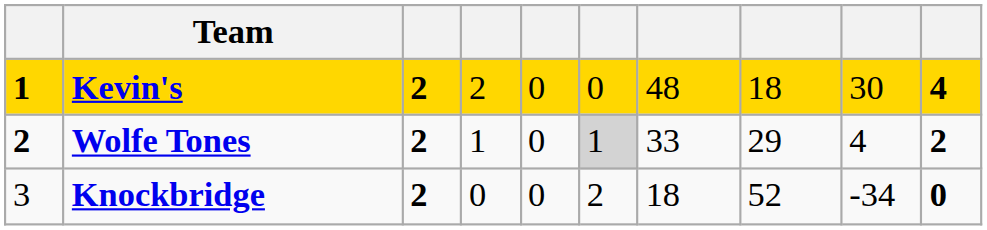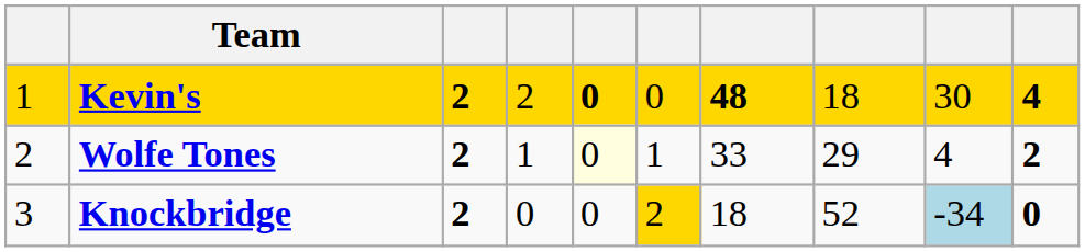 <table class="wikitable" style="text-align: centre;">
 <tr>
 <th width=20></th>
 <th width=150>Team</th>
 <th width=20></th>
 <th width=20></th>
 <th width=20></th>
 <th width=20></th>
 <th width=40></th>
 <th width=40></th>
 <th width=30></th>
 <th width=20></th>
 </tr>
 <tr style="background:gold;">
-<td><strong>1</strong></td>
+<td>1</td>
 <td align=left><strong><a href='#'>Kevin's</a></strong></td>
 <td><strong>2</strong></td>
 <td>2</td>
+<td><strong>0</strong></td>
 <td>0</td>
-<td>0</td>
-<td>48</td>
+<td><strong>48</strong></td>
 <td>18</td>
 <td>30</td>
 <td><strong>4</strong></td>
 </tr>
 <tr>
-<td><strong>2</strong></td>
+<td>2</td>
 <td align=left><strong><a href='#'>Wolfe Tones</a></strong></td>
 <td><strong>2</strong></td>
 <td>1</td>
-<td>0</td>
-<td style="background: lightgrey;">1</td>
+<td style="background: lightyellow;">0</td>
+<td>1</td>
 <td>33</td>
 <td>29</td>
 <td>4</td>
 <td><strong>2</strong></td>
 </tr>
 <tr>
 <td>3</td>
 <td align=left><strong><a href='#'>Knockbridge</a></strong></td>
 <td><strong>2</strong></td>
 <td>0</td>
 <td>0</td>
-<td>2</td>
+<td style="background: gold;">2</td>
 <td>18</td>
 <td>52</td>
-<td>-34</td>
+<td style="background: lightblue;">-34</td>
 <td><strong>0</strong></td>
 </tr>
 </table>
